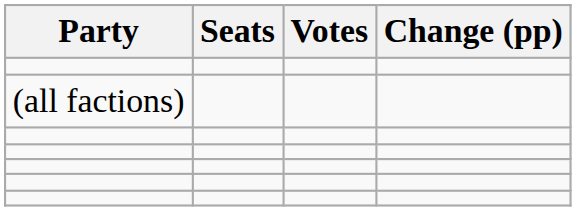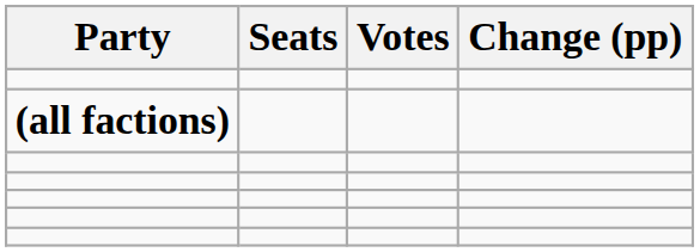 <table class="wikitable" style="text-align:right;">
 <tr>
 <th>Party</th>
 <th>Seats</th>
 <th>Votes</th>
 <th colspan="3">Change (pp)</th>
 </tr>
 <tr>
 <td style="text-align:left;"></td>
 <td></td>
 <td></td>
 <td></td>
 </tr>
 <tr>
-<td style="text-align:left;"> (all factions)</td>
+<td style="text-align:left;"><strong> (all factions)</strong></td>
 <td></td>
 <td></td>
 <td></td>
 </tr>
 <tr>
 <td style="text-align:left;"></td>
 <td></td>
 <td></td>
 <td></td>
 </tr>
 <tr>
 <td style="text-align:left;"></td>
 <td></td>
 <td></td>
 <td></td>
 </tr>
 <tr>
 <td style="text-align:left;"></td>
 <td></td>
 <td></td>
 <td></td>
 </tr>
 <tr>
 <td style="text-align:left;"></td>
 <td></td>
 <td></td>
 <td></td>
 </tr>
 <tr>
 <td style="text-align:left;"></td>
 <td></td>
 <td></td>
 <td></td>
 </tr>
 </table>
